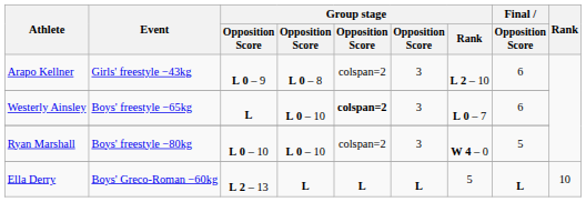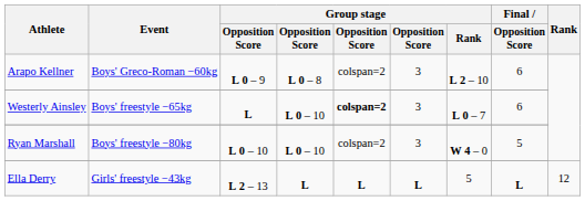 <table class="wikitable" style="font-size:90%">
 <tr>
 <th rowspan=2>Athlete</th>
 <th rowspan=2>Event</th>
 <th colspan=5>Group stage</th>
 <th>Final / </th>
 <th rowspan=2>Rank</th>
 </tr>
 <tr style="font-size:95%">
 <th>Opposition<br>Score</th>
 <th>Opposition<br>Score</th>
 <th>Opposition<br>Score</th>
 <th>Opposition<br>Score</th>
 <th>Rank</th>
 <th>Opposition<br>Score</th>
 </tr>
 <tr align=center>
 <td align=left><a href='#'>Arapo Kellner</a></td>
-<td align=left><a href='#'>Girls' freestyle −43kg</a></td>
+<td align=left><a href='#'>Boys' Greco-Roman −60kg</a></td>
 <td><br><strong>L</strong> <strong>0</strong> – 9 <sup></sup></td>
 <td><br><strong>L</strong> <strong>0</strong> – 8 <sup></sup></td>
 <td>colspan=2 </td>
 <td>3 </td>
 <td><br><strong>L</strong> <strong>2</strong> – 10 <sup></sup></td>
 <td>6</td>
 </tr>
 <tr>
 </tr>
 <tr align=center>
 <td align=left><a href='#'>Westerly Ainsley</a></td>
 <td align=left><a href='#'>Boys' freestyle −65kg</a></td>
 <td><br><strong>L</strong> <strong></strong></td>
 <td><br><strong>L</strong> <strong>0</strong> – 10 <sup></sup></td>
 <td><strong>colspan=2 </strong></td>
 <td>3 </td>
 <td><br><strong>L</strong> <strong>0</strong> – 7 <sup></sup></td>
 <td>6</td>
 </tr>
 <tr>
 </tr>
 <tr align=center>
 <td align=left><a href='#'>Ryan Marshall</a></td>
 <td align=left><a href='#'>Boys' freestyle −80kg</a></td>
 <td><br><strong>L</strong> <strong>0</strong> – 10 <sup></sup></td>
 <td><br><strong>L</strong> <strong>0</strong> – 10 <sup></sup></td>
 <td>colspan=2 </td>
 <td>3 </td>
 <td><br><strong>W</strong> <strong>4</strong> – 0 <sup></sup></td>
 <td>5</td>
 </tr>
 <tr>
 </tr>
 <tr align=center>
 <td align=left><a href='#'>Ella Derry</a></td>
-<td align=left><a href='#'>Boys' Greco-Roman −60kg</a></td>
+<td align=left><a href='#'>Girls' freestyle −43kg</a></td>
 <td><br><strong>L</strong> <strong>2</strong> – 13 <sup></sup></td>
 <td><br><strong>L</strong> <strong></strong></td>
 <td><br><strong>L</strong> <strong></strong></td>
 <td><br><strong>L</strong> <strong></strong></td>
 <td>5 </td>
 <td><br><strong>L</strong> <strong></strong></td>
-<td>10</td>
+<td>12</td>
 </tr>
 </table>
